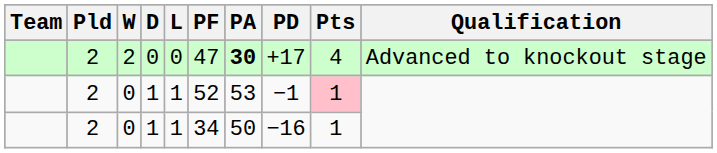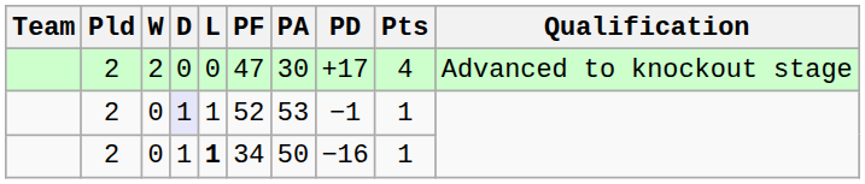 <table class="wikitable" style="text-align:center">
 <tr>
 <th>Team</th>
 <th>Pld</th>
 <th>W</th>
 <th>D</th>
 <th>L</th>
 <th>PF</th>
 <th>PA</th>
 <th>PD</th>
 <th>Pts</th>
 <th>Qualification</th>
 </tr>
 <tr style="background:  #ccffcc;">
 <td align=left></td>
 <td>2</td>
 <td>2</td>
 <td>0</td>
 <td>0</td>
 <td>47</td>
-<td><strong>30</strong></td>
+<td>30</td>
 <td>+17</td>
 <td>4</td>
 <td>Advanced to knockout stage</td>
 </tr>
 <tr>
 <td align=left></td>
 <td>2</td>
 <td>0</td>
-<td>1</td>
+<td style="background: lavender;">1</td>
 <td>1</td>
 <td>52</td>
 <td>53</td>
 <td>−1</td>
-<td style="background: pink;">1</td>
+<td>1</td>
 <td rowspan=2></td>
 </tr>
 <tr>
 <td align=left></td>
 <td>2</td>
 <td>0</td>
 <td>1</td>
-<td>1</td>
+<td><strong>1</strong></td>
 <td>34</td>
 <td>50</td>
 <td>−16</td>
 <td>1</td>
 </tr>
 </table>
